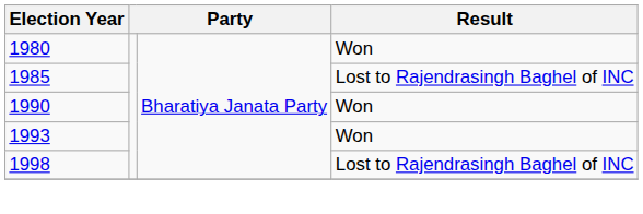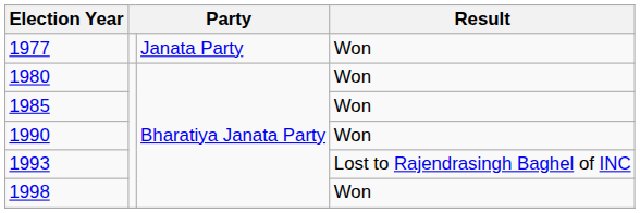 <table class="wikitable sortable">
 <tr>
 <th>Election Year</th>
 <th colspan="2">Party</th>
 <th>Result</th>
+</tr>
+<tr>
+<td><a href='#'>1977</a></td>
+<td style="background-color: "></td>
+<td><a href='#'>Janata Party</a></td>
+<td>Won</td>
 </tr>
 <tr>
 <td><a href='#'>1980</a></td>
 <td rowspan="5" style="background-color: "></td>
 <td rowspan="5"><a href='#'>Bharatiya Janata Party</a></td>
 <td>Won</td>
 </tr>
 <tr>
 <td><a href='#'>1985</a></td>
-<td>Lost to <a href='#'>Rajendrasingh Baghel</a> of <a href='#'>INC</a></td>
+<td>Won</td>
 </tr>
 <tr>
 <td><a href='#'>1990</a></td>
 <td>Won</td>
 </tr>
 <tr>
 <td><a href='#'>1993</a></td>
-<td>Won</td>
+<td>Lost to <a href='#'>Rajendrasingh Baghel</a> of <a href='#'>INC</a></td>
 </tr>
 <tr>
 <td><a href='#'>1998</a></td>
-<td>Lost to <a href='#'>Rajendrasingh Baghel</a> of <a href='#'>INC</a></td>
+<td>Won</td>
 </tr>
 <tr>
 </tr>
 </table>
